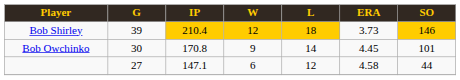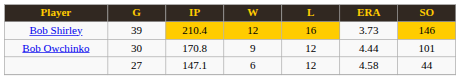 <table class="wikitable sortable">
 <tr>
 <th style="background:#312821; color:#FFCC00" width="16%">Player</th>
 <th style="background:#312821; color:#FFCC00" width="9%">G</th>
 <th style="background:#312821; color:#FFCC00" width="9%">IP</th>
 <th style="background:#312821; color:#FFCC00" width="9%">W</th>
 <th style="background:#312821; color:#FFCC00" width="9%">L</th>
 <th style="background:#312821; color:#FFCC00" width="9%">ERA</th>
 <th style="background:#312821; color:#FFCC00" width="9%">SO</th>
 </tr>
 <tr align="center">
 <td><a href='#'>Bob Shirley</a></td>
 <td>39</td>
 <td style="background:#fc0;">210.4</td>
 <td style="background:#fc0;">12</td>
-<td style="background:#fc0;">18</td>
+<td style="background:#fc0;">16</td>
 <td>3.73</td>
 <td style="background:#fc0;">146</td>
 </tr>
 <tr align=center>
 <td><a href='#'>Bob Owchinko</a></td>
 <td>30</td>
 <td>170.8</td>
 <td>9</td>
-<td>14</td>
-<td>4.45</td>
+<td>12</td>
+<td>4.44</td>
 <td>101</td>
 </tr>
 <tr align=center>
 <td></td>
 <td>27</td>
 <td>147.1</td>
 <td>6</td>
 <td>12</td>
 <td>4.58</td>
 <td>44</td>
 </tr>
 <tr align="center">
 </tr>
 </table>
